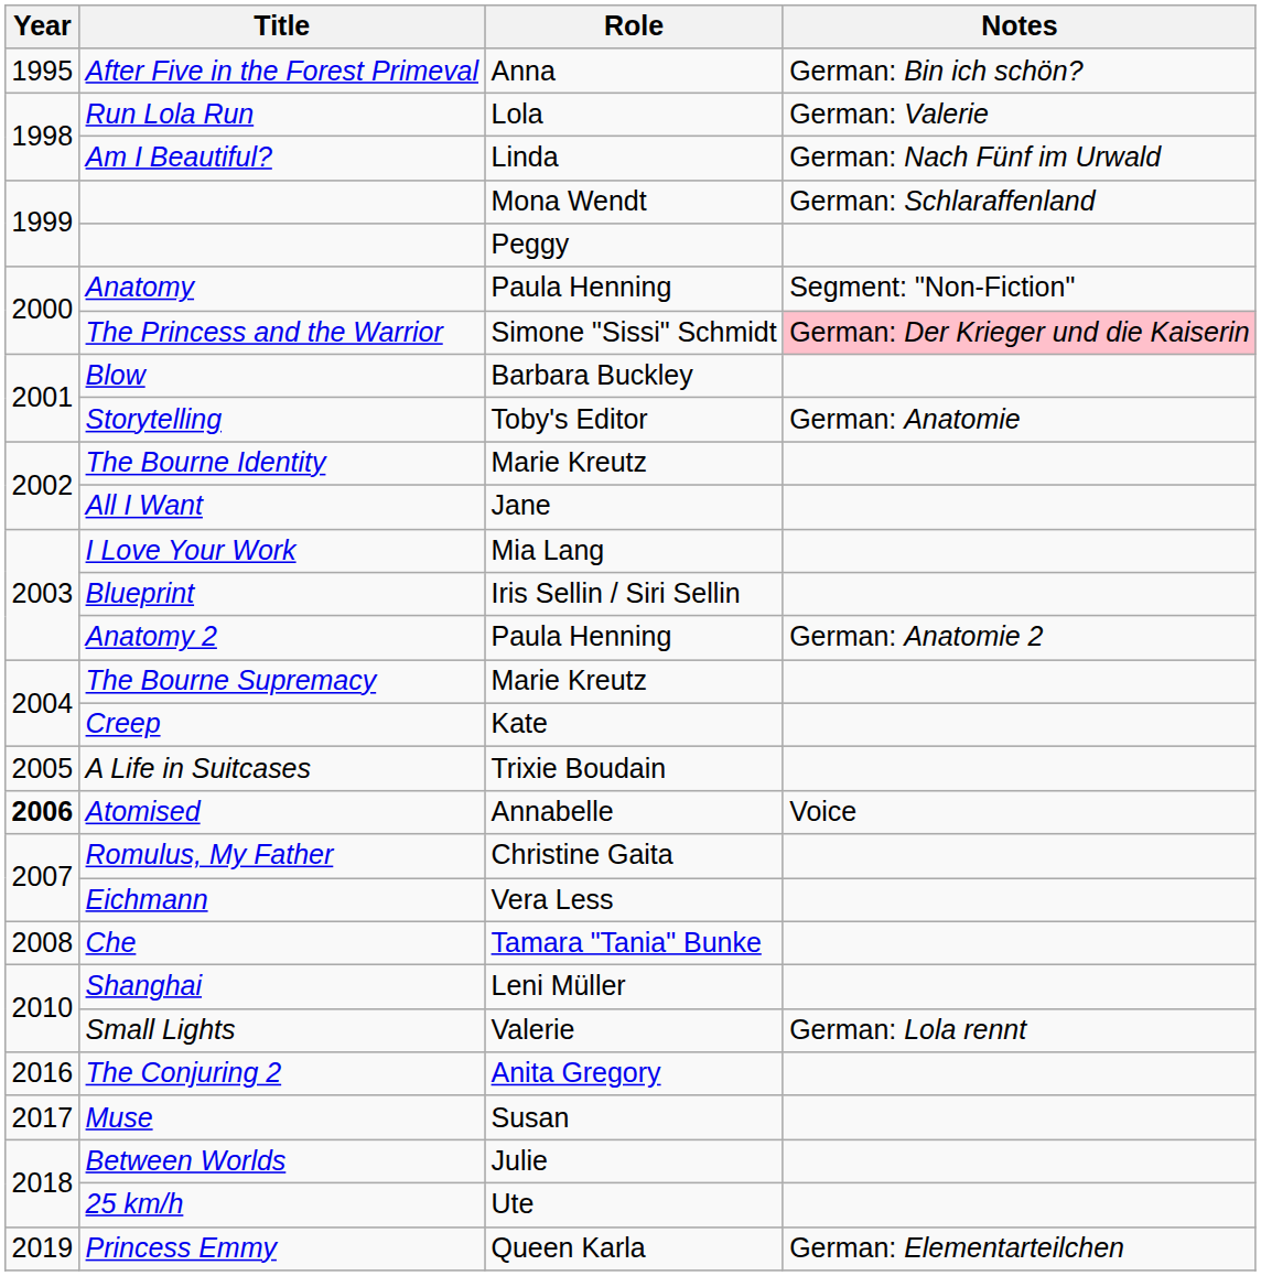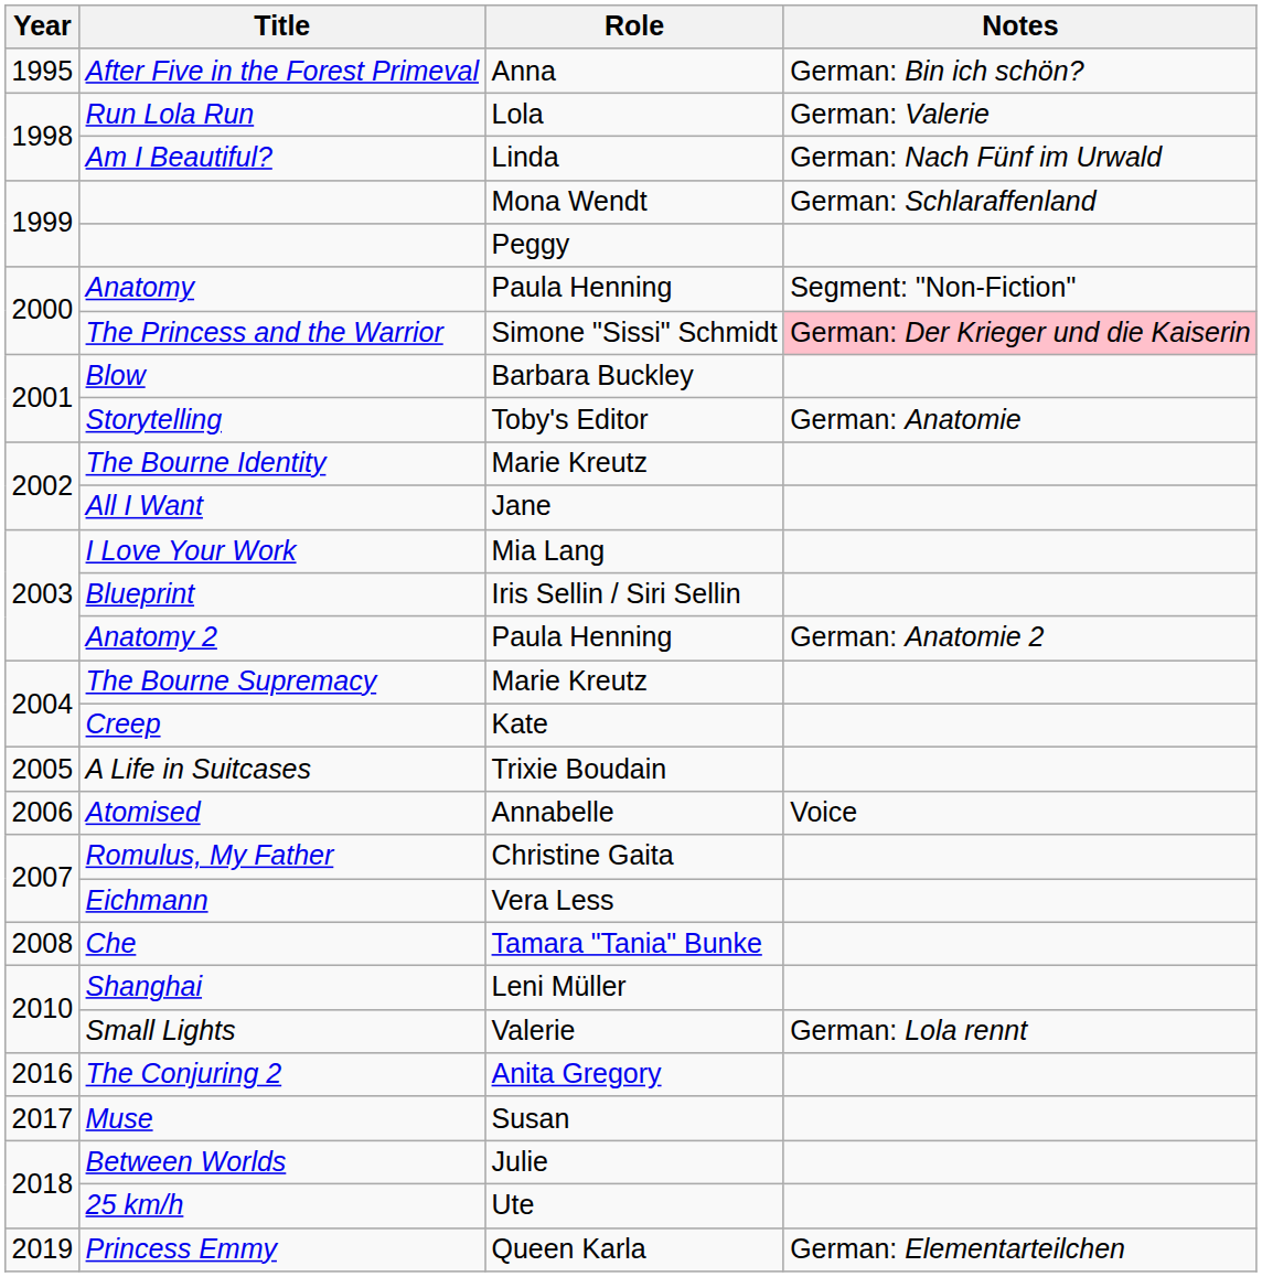 <table class="wikitable sortable">
 <tr>
 <th>Year</th>
 <th>Title</th>
 <th>Role</th>
 <th class="unsortable">Notes</th>
 </tr>
 <tr>
 <td>1995</td>
 <td><em><a href='#'>After Five in the Forest Primeval</a></em></td>
 <td>Anna</td>
 <td>German: <em>Bin ich schön?</em></td>
 </tr>
 <tr>
 <td rowspan="2">1998</td>
 <td><em><a href='#'>Run Lola Run</a></em></td>
 <td>Lola</td>
 <td>German: <em>Valerie</em></td>
 </tr>
 <tr>
 <td><em><a href='#'>Am I Beautiful?</a></em></td>
 <td>Linda</td>
 <td>German: <em>Nach Fünf im Urwald</em></td>
 </tr>
 <tr>
 <td rowspan="2">1999</td>
 <td><em></em></td>
 <td>Mona Wendt</td>
 <td>German: <em>Schlaraffenland</em></td>
 </tr>
 <tr>
 <td><em></em></td>
 <td>Peggy</td>
 <td></td>
 </tr>
 <tr>
 <td rowspan="2">2000</td>
 <td><em><a href='#'>Anatomy</a></em></td>
 <td>Paula Henning</td>
 <td>Segment: "Non-Fiction"</td>
 </tr>
 <tr>
 <td><em><a href='#'>The Princess and the Warrior</a></em></td>
 <td>Simone "Sissi" Schmidt</td>
 <td style="background: pink;">German: <em>Der Krieger und die Kaiserin</em></td>
 </tr>
 <tr>
 <td rowspan="2">2001</td>
 <td><em><a href='#'>Blow</a></em></td>
 <td>Barbara Buckley</td>
 <td></td>
 </tr>
 <tr>
 <td><em><a href='#'>Storytelling</a></em></td>
 <td>Toby's Editor</td>
 <td>German: <em>Anatomie</em></td>
 </tr>
 <tr>
 <td rowspan="2">2002</td>
 <td><em><a href='#'>The Bourne Identity</a></em></td>
 <td>Marie Kreutz</td>
 <td></td>
 </tr>
 <tr>
 <td><em><a href='#'>All I Want</a></em></td>
 <td>Jane</td>
 <td></td>
 </tr>
 <tr>
 <td rowspan="3">2003</td>
 <td><em><a href='#'>I Love Your Work</a></em></td>
 <td>Mia Lang</td>
 <td></td>
 </tr>
 <tr>
 <td><em><a href='#'>Blueprint</a></em></td>
 <td>Iris Sellin / Siri Sellin</td>
 <td></td>
 </tr>
 <tr>
 <td><em><a href='#'>Anatomy 2</a></em></td>
 <td>Paula Henning</td>
 <td>German: <em>Anatomie 2</em></td>
 </tr>
 <tr>
 <td rowspan="2">2004</td>
 <td><em><a href='#'>The Bourne Supremacy</a></em></td>
 <td>Marie Kreutz</td>
 <td></td>
 </tr>
 <tr>
 <td><em><a href='#'>Creep</a></em></td>
 <td>Kate</td>
 <td></td>
 </tr>
 <tr>
 <td>2005</td>
 <td><em>A Life in Suitcases</em></td>
 <td>Trixie Boudain</td>
 <td></td>
 </tr>
 <tr>
-<td><strong>2006</strong></td>
+<td>2006</td>
 <td><em><a href='#'>Atomised</a></em></td>
 <td>Annabelle</td>
 <td>Voice</td>
 </tr>
 <tr>
 <td rowspan="2">2007</td>
 <td><em><a href='#'>Romulus, My Father</a></em></td>
 <td>Christine Gaita</td>
 <td></td>
 </tr>
 <tr>
 <td><em><a href='#'>Eichmann</a></em></td>
 <td>Vera Less</td>
 <td></td>
 </tr>
 <tr>
 <td>2008</td>
 <td><em><a href='#'>Che</a></em></td>
 <td><a href='#'>Tamara "Tania" Bunke</a></td>
 <td></td>
 </tr>
 <tr>
 <td rowspan="2">2010</td>
 <td><em><a href='#'>Shanghai</a></em></td>
 <td>Leni Müller</td>
 <td></td>
 </tr>
 <tr>
 <td><em>Small Lights</em></td>
 <td>Valerie</td>
 <td>German: <em>Lola rennt</em></td>
 </tr>
 <tr>
 <td>2016</td>
 <td><em><a href='#'>The Conjuring 2</a></em></td>
 <td><a href='#'>Anita Gregory</a></td>
 <td></td>
 </tr>
 <tr>
 <td>2017</td>
 <td><em><a href='#'>Muse</a></em></td>
 <td>Susan</td>
 <td></td>
 </tr>
 <tr>
 <td rowspan="2">2018</td>
 <td><em><a href='#'>Between Worlds</a></em></td>
 <td>Julie</td>
 <td></td>
 </tr>
 <tr>
 <td><em><a href='#'>25 km/h</a></em></td>
 <td>Ute</td>
 <td></td>
 </tr>
 <tr>
 <td>2019</td>
 <td><em><a href='#'>Princess Emmy</a></em></td>
 <td>Queen Karla</td>
 <td>German: <em>Elementarteilchen</em></td>
 </tr>
 </table>
